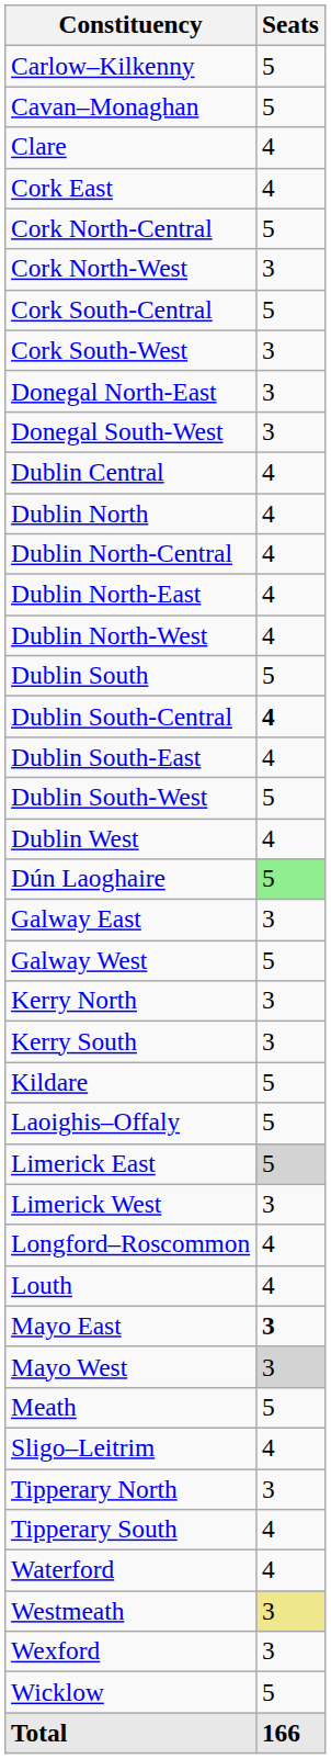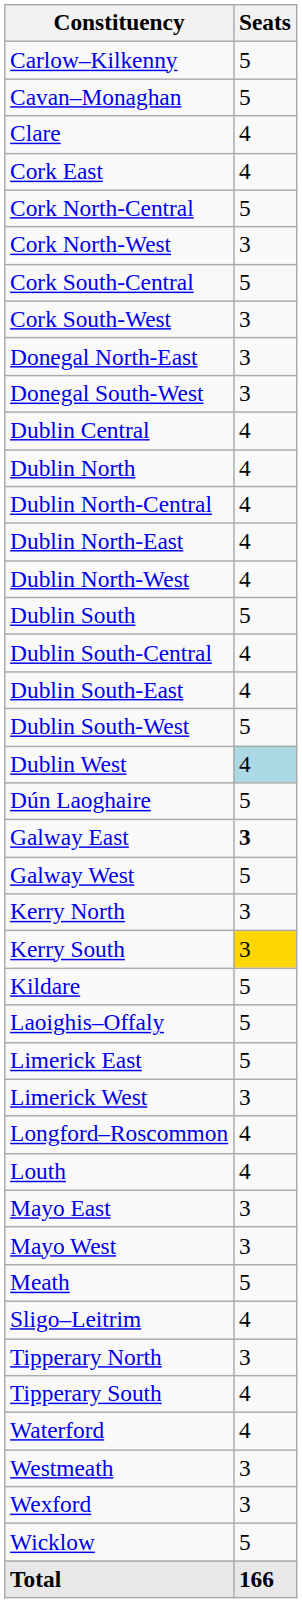 <table class="wikitable">
 <tr>
 <th>Constituency</th>
 <th>Seats</th>
 </tr>
 <tr>
 <td><a href='#'>Carlow–Kilkenny</a></td>
 <td>5</td>
 </tr>
 <tr>
 <td><a href='#'>Cavan–Monaghan</a></td>
 <td>5</td>
 </tr>
 <tr>
 <td><a href='#'>Clare</a></td>
 <td>4</td>
 </tr>
 <tr>
 <td><a href='#'>Cork East</a></td>
 <td>4</td>
 </tr>
 <tr>
 <td><a href='#'>Cork North-Central</a></td>
 <td>5</td>
 </tr>
 <tr>
 <td><a href='#'>Cork North-West</a></td>
 <td>3</td>
 </tr>
 <tr>
 <td><a href='#'>Cork South-Central</a></td>
 <td>5</td>
 </tr>
 <tr>
 <td><a href='#'>Cork South-West</a></td>
 <td>3</td>
 </tr>
 <tr>
 <td><a href='#'>Donegal North-East</a></td>
 <td>3</td>
 </tr>
 <tr>
 <td><a href='#'>Donegal South-West</a></td>
 <td>3</td>
 </tr>
 <tr>
 <td><a href='#'>Dublin Central</a></td>
 <td>4</td>
 </tr>
 <tr>
 <td><a href='#'>Dublin North</a></td>
 <td>4</td>
 </tr>
 <tr>
 <td><a href='#'>Dublin North-Central</a></td>
 <td>4</td>
 </tr>
 <tr>
 <td><a href='#'>Dublin North-East</a></td>
 <td>4</td>
 </tr>
 <tr>
 <td><a href='#'>Dublin North-West</a></td>
 <td>4</td>
 </tr>
 <tr>
 <td><a href='#'>Dublin South</a></td>
 <td>5</td>
 </tr>
 <tr>
 <td><a href='#'>Dublin South-Central</a></td>
-<td><strong>4</strong></td>
+<td>4</td>
 </tr>
 <tr>
 <td><a href='#'>Dublin South-East</a></td>
 <td>4</td>
 </tr>
 <tr>
 <td><a href='#'>Dublin South-West</a></td>
 <td>5</td>
 </tr>
 <tr>
 <td><a href='#'>Dublin West</a></td>
-<td>4</td>
+<td style="background: lightblue;">4</td>
 </tr>
 <tr>
 <td><a href='#'>Dún Laoghaire</a></td>
-<td style="background: lightgreen;">5</td>
+<td>5</td>
 </tr>
 <tr>
 <td><a href='#'>Galway East</a></td>
-<td>3</td>
+<td><strong>3</strong></td>
 </tr>
 <tr>
 <td><a href='#'>Galway West</a></td>
 <td>5</td>
 </tr>
 <tr>
 <td><a href='#'>Kerry North</a></td>
 <td>3</td>
 </tr>
 <tr>
 <td><a href='#'>Kerry South</a></td>
-<td>3</td>
+<td style="background: gold;">3</td>
 </tr>
 <tr>
 <td><a href='#'>Kildare</a></td>
 <td>5</td>
 </tr>
 <tr>
 <td><a href='#'>Laoighis–Offaly</a></td>
 <td>5</td>
 </tr>
 <tr>
 <td><a href='#'>Limerick East</a></td>
-<td style="background: lightgrey;">5</td>
+<td>5</td>
 </tr>
 <tr>
 <td><a href='#'>Limerick West</a></td>
 <td>3</td>
 </tr>
 <tr>
 <td><a href='#'>Longford–Roscommon</a></td>
 <td>4</td>
 </tr>
 <tr>
 <td><a href='#'>Louth</a></td>
 <td>4</td>
 </tr>
 <tr>
 <td><a href='#'>Mayo East</a></td>
-<td><strong>3</strong></td>
+<td>3</td>
 </tr>
 <tr>
 <td><a href='#'>Mayo West</a></td>
-<td style="background: lightgrey;">3</td>
+<td>3</td>
 </tr>
 <tr>
 <td><a href='#'>Meath</a></td>
 <td>5</td>
 </tr>
 <tr>
 <td><a href='#'>Sligo–Leitrim</a></td>
 <td>4</td>
 </tr>
 <tr>
 <td><a href='#'>Tipperary North</a></td>
 <td>3</td>
 </tr>
 <tr>
 <td><a href='#'>Tipperary South</a></td>
 <td>4</td>
 </tr>
 <tr>
 <td><a href='#'>Waterford</a></td>
 <td>4</td>
 </tr>
 <tr>
 <td><a href='#'>Westmeath</a></td>
-<td style="background: khaki;">3</td>
+<td>3</td>
 </tr>
 <tr>
 <td><a href='#'>Wexford</a></td>
 <td>3</td>
 </tr>
 <tr>
 <td><a href='#'>Wicklow</a></td>
 <td>5</td>
 </tr>
 <tr style="font-weight:bold; background:rgb(232,232,232);">
 <td>Total</td>
 <td>166</td>
 </tr>
 </table>
